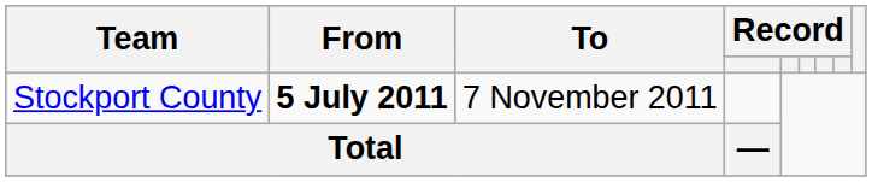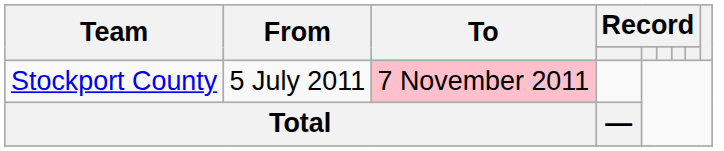 <table class=wikitable style="text-align: center">
 <tr>
 <th rowspan=2>Team</th>
 <th rowspan=2>From</th>
 <th rowspan=2>To</th>
 <th colspan=5>Record</th>
 <th rowspan=2></th>
 </tr>
 <tr>
 <th></th>
 <th></th>
 <th></th>
 <th></th>
 <th></th>
 </tr>
 <tr>
 <td align=left><a href='#'>Stockport County</a></td>
-<td align=left><strong>5 July 2011</strong></td>
-<td align=left>7 November 2011<br></td>
+<td align=left>5 July 2011</td>
+<td align=left style="background: pink;">7 November 2011<br></td>
 <td></td>
 </tr>
 <tr>
 <th colspan=3>Total<br></th>
 <th>—</th>
 </tr>
 </table>
